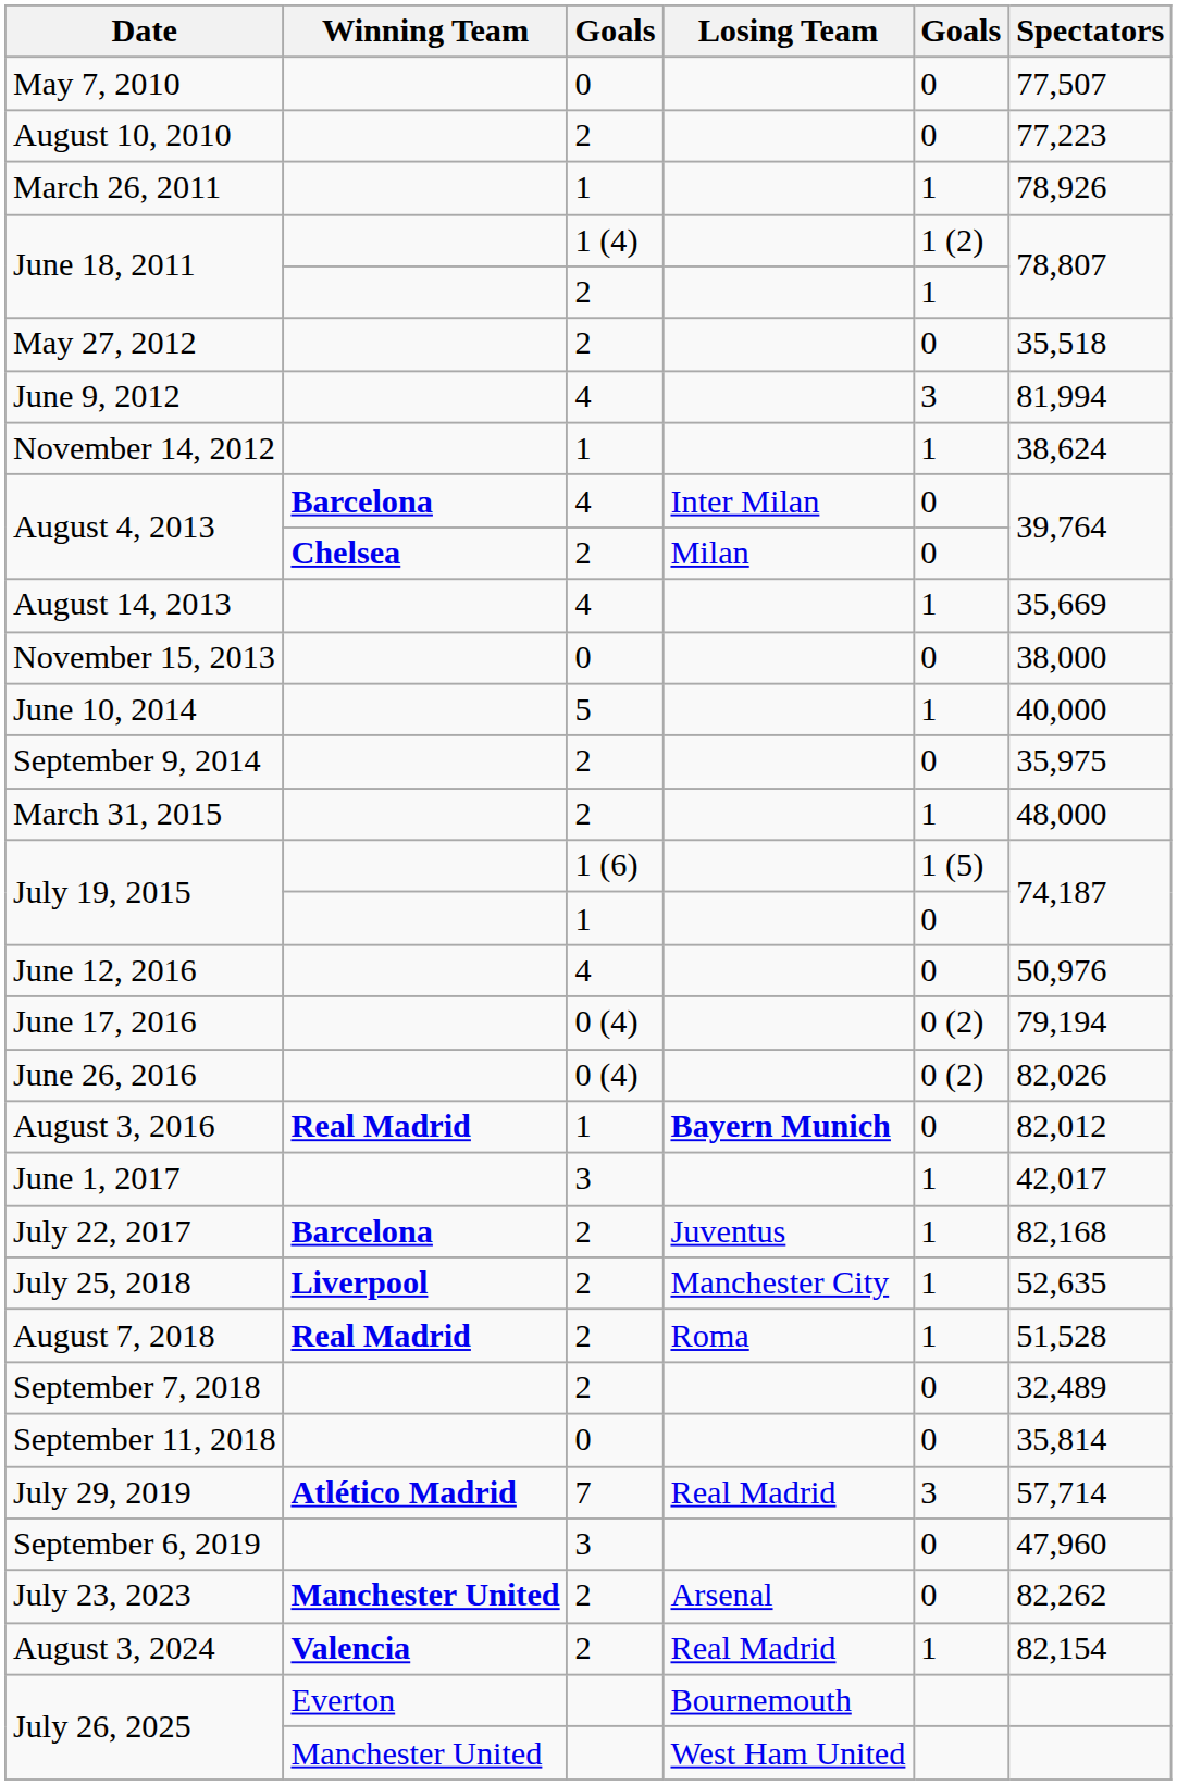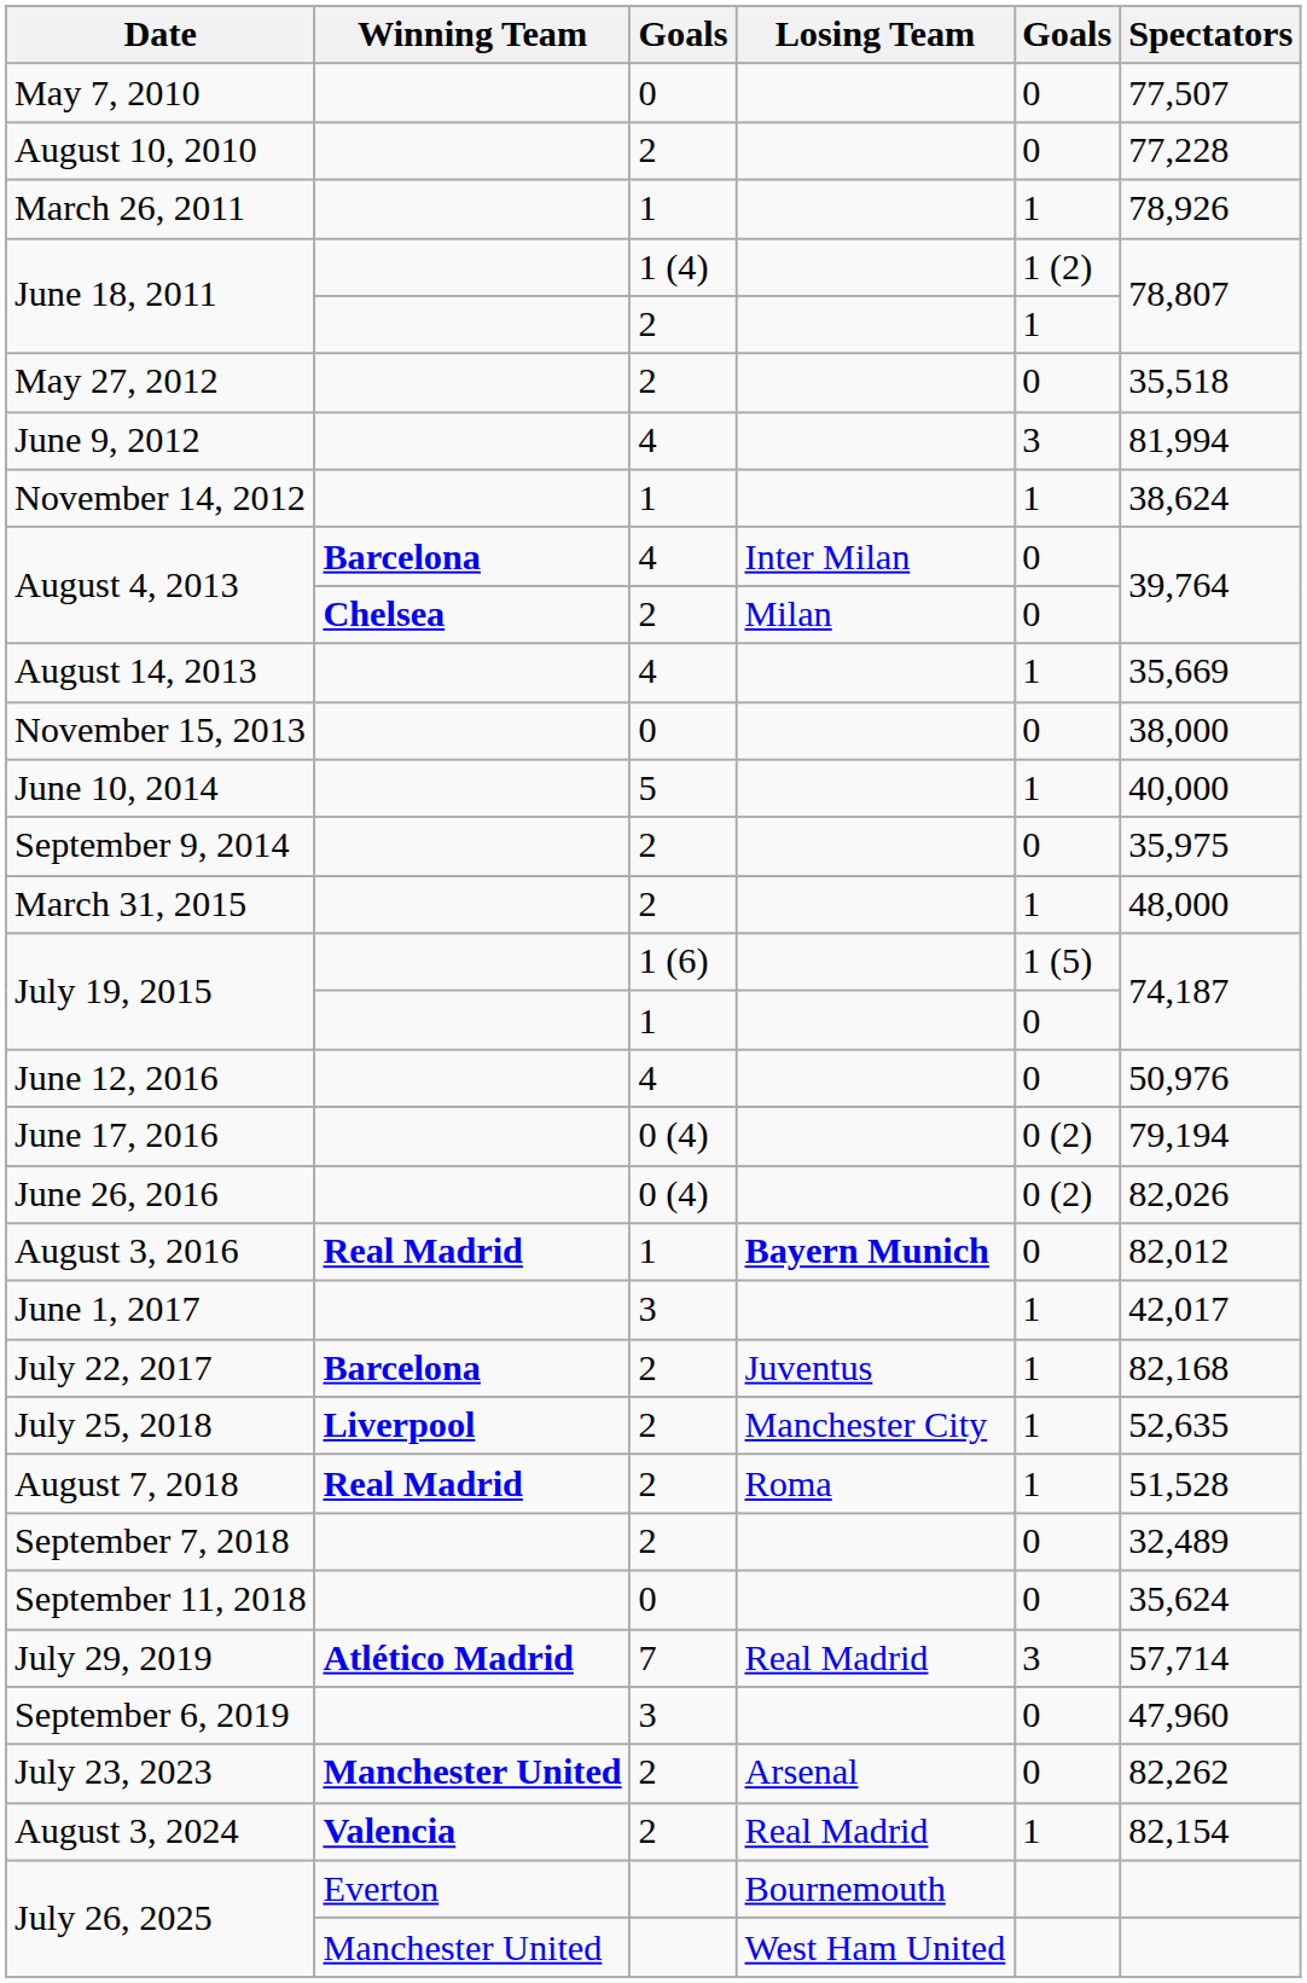 <table class="wikitable" style=font-size:100% style="text-align:center">
 <tr>
 <th style="text-align:center;">Date</th>
 <th style="text-align:center;">Winning Team</th>
 <th style="text-align:center;">Goals</th>
 <th style="text-align:center;">Losing Team</th>
 <th style="text-align:center;">Goals</th>
 <th style="text-align:center;">Spectators</th>
 </tr>
 <tr>
 <td>May 7, 2010</td>
 <td></td>
 <td>0</td>
 <td></td>
 <td>0</td>
 <td>77,507</td>
 </tr>
 <tr>
 <td>August 10, 2010</td>
 <td><strong></strong></td>
 <td>2</td>
 <td></td>
 <td>0</td>
-<td>77,223</td>
+<td>77,228</td>
 </tr>
 <tr>
 <td>March 26, 2011</td>
 <td></td>
 <td>1</td>
 <td></td>
 <td>1</td>
 <td>78,926</td>
 </tr>
 <tr>
 <td rowspan=2>June 18, 2011</td>
 <td><strong></strong></td>
 <td>1 (4)</td>
 <td></td>
 <td>1 (2)</td>
 <td rowspan=2>78,807</td>
 </tr>
 <tr>
 <td><strong></strong></td>
 <td>2</td>
 <td></td>
 <td>1</td>
 </tr>
 <tr>
 <td>May 27, 2012</td>
 <td><strong></strong></td>
 <td>2</td>
 <td></td>
 <td>0</td>
 <td>35,518</td>
 </tr>
 <tr>
 <td>June 9, 2012</td>
 <td><strong></strong></td>
 <td>4</td>
 <td></td>
 <td>3</td>
 <td>81,994</td>
 </tr>
 <tr>
 <td>November 14, 2012</td>
 <td></td>
 <td>1</td>
 <td></td>
 <td>1</td>
 <td>38,624</td>
 </tr>
 <tr>
 <td rowspan=2>August 4, 2013</td>
 <td><strong><a href='#'>Barcelona</a></strong> </td>
 <td>4</td>
 <td> <a href='#'>Inter Milan</a></td>
 <td>0</td>
 <td rowspan=2>39,764</td>
 </tr>
 <tr>
 <td><strong><a href='#'>Chelsea</a> </strong></td>
 <td>2</td>
 <td> <a href='#'>Milan</a></td>
 <td>0</td>
 </tr>
 <tr>
 <td>August 14, 2013</td>
 <td><strong></strong></td>
 <td>4</td>
 <td></td>
 <td>1</td>
 <td>35,669</td>
 </tr>
 <tr>
 <td>November 15, 2013</td>
 <td></td>
 <td>0</td>
 <td></td>
 <td>0</td>
 <td>38,000</td>
 </tr>
 <tr>
 <td>June 10, 2014</td>
 <td><strong></strong></td>
 <td>5</td>
 <td></td>
 <td>1</td>
 <td>40,000</td>
 </tr>
 <tr>
 <td>September 9, 2014</td>
 <td><strong></strong></td>
 <td>2</td>
 <td></td>
 <td>0</td>
 <td>35,975</td>
 </tr>
 <tr>
 <td>March 31, 2015</td>
 <td><strong></strong></td>
 <td>2</td>
 <td></td>
 <td>1</td>
 <td>48,000</td>
 </tr>
 <tr>
 <td rowspan=2>July 19, 2015</td>
 <td><strong></strong></td>
 <td>1 (6)</td>
 <td></td>
 <td>1 (5)</td>
 <td rowspan=2>74,187</td>
 </tr>
 <tr>
 <td><strong></strong></td>
 <td>1</td>
 <td></td>
 <td>0</td>
 </tr>
 <tr>
 <td>June 12, 2016</td>
 <td><strong></strong></td>
 <td>4</td>
 <td></td>
 <td>0</td>
 <td>50,976</td>
 </tr>
 <tr>
 <td>June 17, 2016</td>
 <td><strong></strong></td>
 <td>0 (4)</td>
 <td></td>
 <td>0 (2)</td>
 <td>79,194</td>
 </tr>
 <tr>
 <td>June 26, 2016</td>
 <td><strong></strong></td>
 <td>0 (4)</td>
 <td></td>
 <td>0 (2)</td>
 <td>82,026</td>
 </tr>
 <tr>
 <td>August 3, 2016</td>
 <td><strong><a href='#'>Real Madrid</a> </strong></td>
 <td>1</td>
 <td><strong> <a href='#'>Bayern Munich</a></strong></td>
 <td>0</td>
 <td>82,012</td>
 </tr>
 <tr>
 <td>June 1, 2017</td>
 <td><strong></strong></td>
 <td>3</td>
 <td></td>
 <td>1</td>
 <td>42,017</td>
 </tr>
 <tr>
 <td>July 22, 2017</td>
 <td><strong><a href='#'>Barcelona</a> </strong></td>
 <td>2</td>
 <td> <a href='#'>Juventus</a></td>
 <td>1</td>
 <td>82,168</td>
 </tr>
 <tr>
 <td>July 25, 2018</td>
 <td><strong><a href='#'>Liverpool</a> </strong></td>
 <td>2</td>
 <td> <a href='#'>Manchester City</a></td>
 <td>1</td>
 <td>52,635</td>
 </tr>
 <tr>
 <td>August 7, 2018</td>
 <td><strong><a href='#'>Real Madrid</a> </strong></td>
 <td>2</td>
 <td> <a href='#'>Roma</a></td>
 <td>1</td>
 <td>51,528</td>
 </tr>
 <tr>
 <td>September 7, 2018</td>
 <td><strong></strong></td>
 <td>2</td>
 <td></td>
 <td>0</td>
 <td>32,489</td>
 </tr>
 <tr>
 <td>September 11, 2018</td>
 <td></td>
 <td>0</td>
 <td></td>
 <td>0</td>
-<td>35,814</td>
+<td>35,624</td>
 </tr>
 <tr>
 <td>July 29, 2019</td>
 <td><strong><a href='#'>Atlético Madrid</a></strong> </td>
 <td>7</td>
 <td> <a href='#'>Real Madrid</a></td>
 <td>3</td>
 <td>57,714</td>
 </tr>
 <tr>
 <td>September 6, 2019</td>
 <td><strong></strong></td>
 <td>3</td>
 <td></td>
 <td>0</td>
 <td>47,960</td>
 </tr>
 <tr>
 <td>July 23, 2023</td>
 <td><strong><a href='#'>Manchester United</a></strong> </td>
 <td>2</td>
 <td> <a href='#'>Arsenal</a></td>
 <td>0</td>
 <td>82,262</td>
 </tr>
 <tr>
 <td>August 3, 2024</td>
 <td><strong><a href='#'>Valencia</a> </strong></td>
 <td>2</td>
 <td> <a href='#'>Real Madrid</a></td>
 <td>1</td>
 <td>82,154</td>
 </tr>
 <tr>
 <td rowspan=2>July 26, 2025</td>
 <td><a href='#'>Everton</a> </td>
 <td></td>
 <td> <a href='#'>Bournemouth</a></td>
 <td></td>
 <td></td>
 </tr>
 <tr>
 <td><a href='#'>Manchester United</a> </td>
 <td></td>
 <td> <a href='#'>West Ham United</a></td>
 <td></td>
 <td></td>
 </tr>
 </table>
